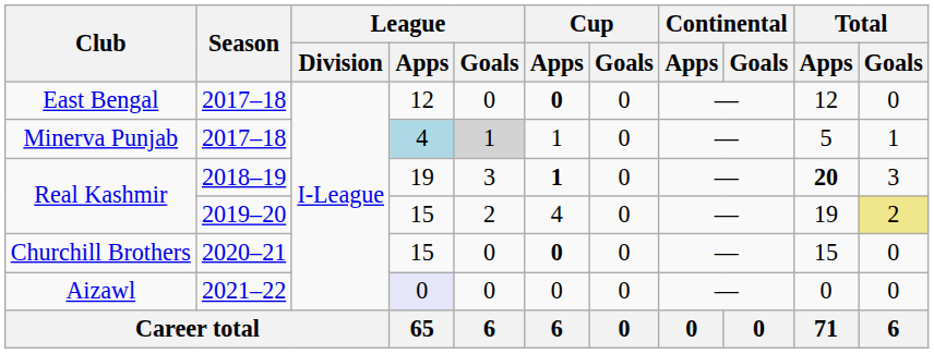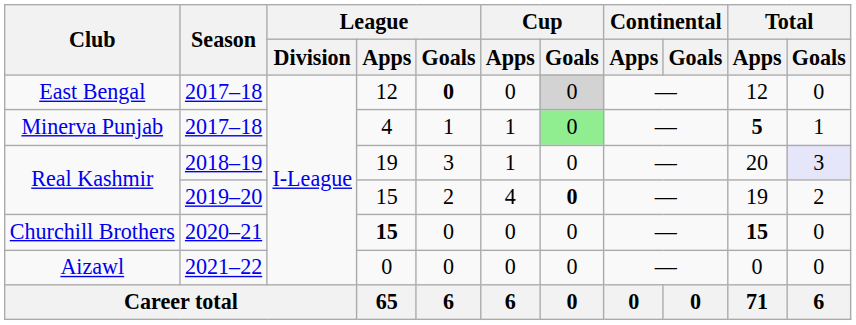 <table class="wikitable" style="font-size; text-align:center;">
 <tr>
 <th rowspan="2">Club</th>
 <th rowspan="2">Season</th>
 <th colspan="3">League</th>
 <th colspan="2">Cup</th>
 <th colspan="2">Continental</th>
 <th colspan="2">Total</th>
 </tr>
 <tr>
 <th>Division</th>
 <th>Apps</th>
 <th>Goals</th>
 <th>Apps</th>
 <th>Goals</th>
 <th>Apps</th>
 <th>Goals</th>
 <th>Apps</th>
 <th>Goals</th>
 </tr>
 <tr>
 <td rowspan="1"><a href='#'>East Bengal</a></td>
 <td><a href='#'>2017–18</a></td>
 <td rowspan="6"><a href='#'>I-League</a></td>
 <td>12</td>
-<td>0</td>
 <td><strong>0</strong></td>
 <td>0</td>
+<td style="background: lightgrey;">0</td>
 <td colspan="2">—</td>
 <td>12</td>
 <td>0</td>
 </tr>
 <tr>
 <td rowapan="1"><a href='#'>Minerva Punjab</a></td>
 <td><a href='#'>2017–18</a></td>
-<td style="background: lightblue;">4</td>
-<td style="background: lightgrey;">1</td>
+<td>4</td>
 <td>1</td>
-<td>0</td>
+<td>1</td>
+<td style="background: lightgreen;">0</td>
 <td colspan="2">—</td>
-<td>5</td>
+<td><strong>5</strong></td>
 <td>1</td>
 </tr>
 <tr>
 <td rowspan="2"><a href='#'>Real Kashmir</a></td>
 <td><a href='#'>2018–19</a></td>
 <td>19</td>
 <td>3</td>
-<td><strong>1</strong></td>
+<td>1</td>
 <td>0</td>
 <td colspan="2">—</td>
-<td><strong>20</strong></td>
-<td>3</td>
+<td>20</td>
+<td style="background: lavender;">3</td>
 </tr>
 <tr>
 <td><a href='#'>2019–20</a></td>
 <td>15</td>
 <td>2</td>
 <td>4</td>
-<td>0</td>
+<td><strong>0</strong></td>
 <td colspan="2">—</td>
 <td>19</td>
-<td style="background: khaki;">2</td>
+<td>2</td>
 </tr>
 <tr>
 <td rowspan="1"><a href='#'>Churchill Brothers</a></td>
 <td><a href='#'>2020–21</a></td>
-<td>15</td>
+<td><strong>15</strong></td>
 <td>0</td>
-<td><strong>0</strong></td>
+<td>0</td>
 <td>0</td>
 <td colspan="2">—</td>
-<td>15</td>
+<td><strong>15</strong></td>
 <td>0</td>
 </tr>
 <tr>
 <td rowspan="1"><a href='#'>Aizawl</a></td>
 <td><a href='#'>2021–22</a></td>
-<td style="background: lavender;">0</td>
+<td>0</td>
 <td>0</td>
 <td>0</td>
 <td>0</td>
 <td colspan="2">—</td>
 <td>0</td>
 <td>0</td>
 </tr>
 <tr>
 <th colspan="3">Career total</th>
 <th>65</th>
 <th>6</th>
 <th>6</th>
 <th>0</th>
 <th>0</th>
 <th>0</th>
 <th>71</th>
 <th>6</th>
 </tr>
 </table>
